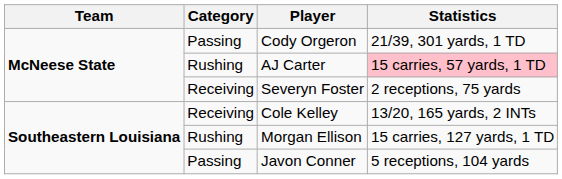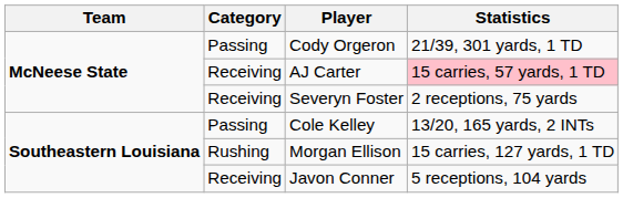 <table class="wikitable" style="float: left;">
 <tr>
 <th>Team</th>
 <th>Category</th>
 <th>Player</th>
 <th>Statistics</th>
 </tr>
 <tr>
 <td rowspan=3><strong>McNeese State</strong></td>
 <td>Passing</td>
 <td>Cody Orgeron</td>
 <td>21/39, 301 yards, 1 TD</td>
 </tr>
 <tr>
-<td>Rushing</td>
+<td>Receiving</td>
 <td>AJ Carter</td>
 <td style="background: pink;">15 carries, 57 yards, 1 TD</td>
 </tr>
 <tr>
 <td>Receiving</td>
 <td>Severyn Foster</td>
 <td>2 receptions, 75 yards</td>
 </tr>
 <tr>
 <td rowspan=3><strong>Southeastern Louisiana</strong></td>
-<td>Receiving</td>
+<td>Passing</td>
 <td>Cole Kelley</td>
 <td>13/20, 165 yards, 2 INTs</td>
 </tr>
 <tr>
 <td>Rushing</td>
 <td>Morgan Ellison</td>
 <td>15 carries, 127 yards, 1 TD</td>
 </tr>
 <tr>
-<td>Passing</td>
+<td>Receiving</td>
 <td>Javon Conner</td>
 <td>5 receptions, 104 yards</td>
 </tr>
 </table>
